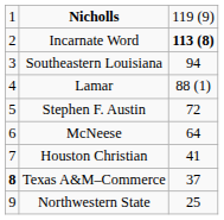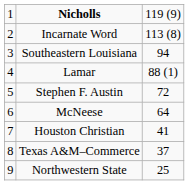 <table class="wikitable">
 <tr align="center">
 <td>1</td>
 <td><strong>Nicholls</strong></td>
 <td>119 (9)</td>
 </tr>
 <tr align="center">
 <td>2</td>
 <td>Incarnate Word</td>
-<td><strong>113 (8)</strong></td>
+<td>113 (8)</td>
 </tr>
 <tr align="center">
 <td>3</td>
 <td>Southeastern Louisiana</td>
 <td>94</td>
 </tr>
 <tr align="center">
 <td>4</td>
 <td>Lamar</td>
 <td>88 (1)</td>
 </tr>
 <tr align="center">
 <td>5</td>
 <td>Stephen F. Austin</td>
 <td>72</td>
 </tr>
 <tr align="center">
 <td>6</td>
 <td>McNeese</td>
 <td>64</td>
 </tr>
 <tr align="center">
 <td>7</td>
 <td>Houston Christian</td>
 <td>41</td>
 </tr>
 <tr align="center">
-<td><strong>8</strong></td>
+<td>8</td>
 <td>Texas A&M–Commerce</td>
 <td>37</td>
 </tr>
 <tr align="center">
 <td>9</td>
 <td>Northwestern State</td>
 <td>25</td>
 </tr>
 </table>
